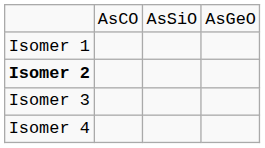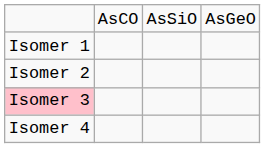 <table class="wikitable mw-collapsible">
 <tr>
 <td></td>
 <td>AsCO</td>
 <td>AsSiO</td>
 <td>AsGeO</td>
 </tr>
 <tr>
 <td>Isomer  1</td>
 <td></td>
 <td></td>
 <td></td>
 </tr>
 <tr>
-<td><strong>Isomer 2</strong></td>
+<td>Isomer 2</td>
 <td></td>
 <td></td>
 <td></td>
 </tr>
 <tr>
-<td>Isomer 3</td>
+<td style="background: pink;">Isomer 3</td>
 <td></td>
 <td></td>
 <td></td>
 </tr>
 <tr>
 <td>Isomer 4</td>
 <td></td>
 <td></td>
 <td></td>
 </tr>
 </table>
